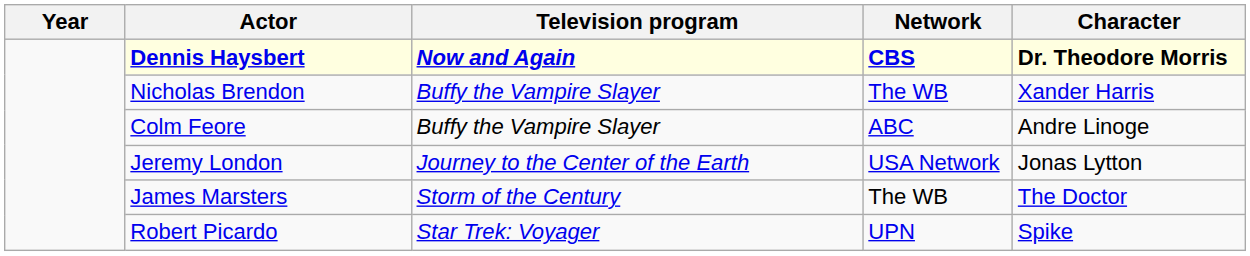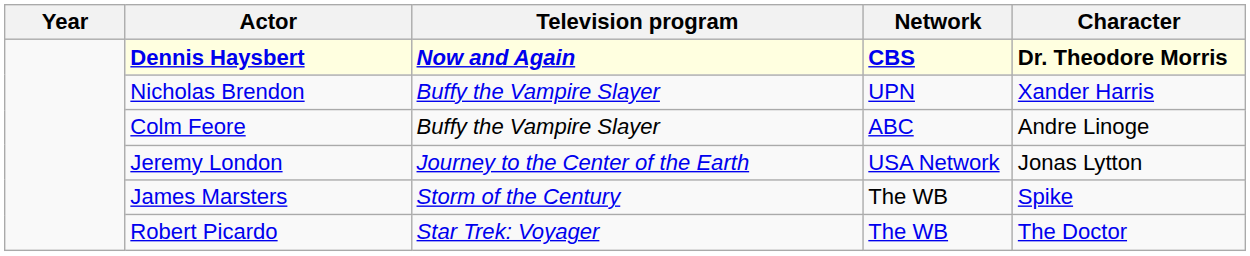 <table class="wikitable" width="900px" border="1" cellpadding="5" cellspacing="0" align="center">
 <tr>
 <th width="80px">Year</th>
 <th width="200px">Actor</th>
 <th width="320px">Television program</th>
 <th>Network</th>
 <th>Character</th>
 </tr>
 <tr>
 <td rowspan=6></td>
 <td style="background:lightyellow"><strong><a href='#'>Dennis Haysbert</a></strong></td>
 <td style="background:lightyellow"><strong><em><a href='#'>Now and Again</a></em></strong></td>
 <td style="background:lightyellow"><strong><a href='#'>CBS</a></strong></td>
 <td style="background:lightyellow"><strong>Dr. Theodore Morris</strong></td>
 </tr>
 <tr>
 <td><a href='#'>Nicholas Brendon</a></td>
 <td><em><a href='#'>Buffy the Vampire Slayer</a></em></td>
-<td><a href='#'>The WB</a></td>
+<td><a href='#'>UPN</a></td>
 <td><a href='#'>Xander Harris</a></td>
 </tr>
 <tr>
 <td><a href='#'>Colm Feore</a></td>
 <td><em>Buffy the Vampire Slayer</em></td>
 <td><a href='#'>ABC</a></td>
 <td>Andre Linoge</td>
 </tr>
 <tr>
 <td><a href='#'>Jeremy London</a></td>
 <td><em><a href='#'>Journey to the Center of the Earth</a></em></td>
 <td><a href='#'>USA Network</a></td>
 <td>Jonas Lytton</td>
 </tr>
 <tr>
 <td><a href='#'>James Marsters</a></td>
 <td><em><a href='#'>Storm of the Century</a></em></td>
 <td>The WB</td>
-<td><a href='#'>The Doctor</a></td>
+<td><a href='#'>Spike</a></td>
 </tr>
 <tr>
 <td><a href='#'>Robert Picardo</a></td>
 <td><em><a href='#'>Star Trek: Voyager</a></em></td>
-<td><a href='#'>UPN</a></td>
-<td><a href='#'>Spike</a></td>
+<td><a href='#'>The WB</a></td>
+<td><a href='#'>The Doctor</a></td>
 </tr>
 </table>
